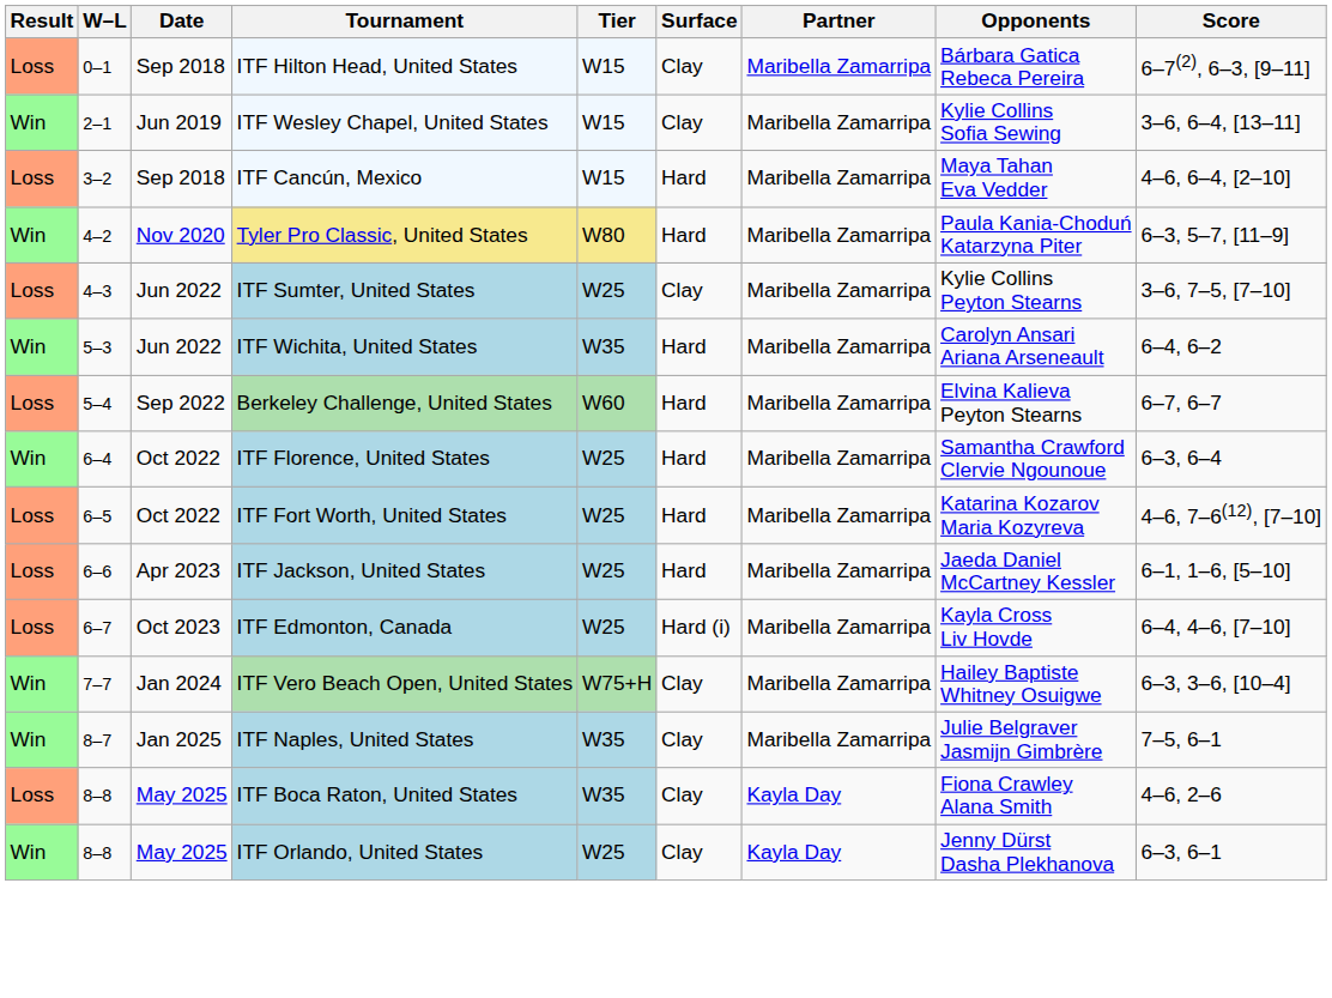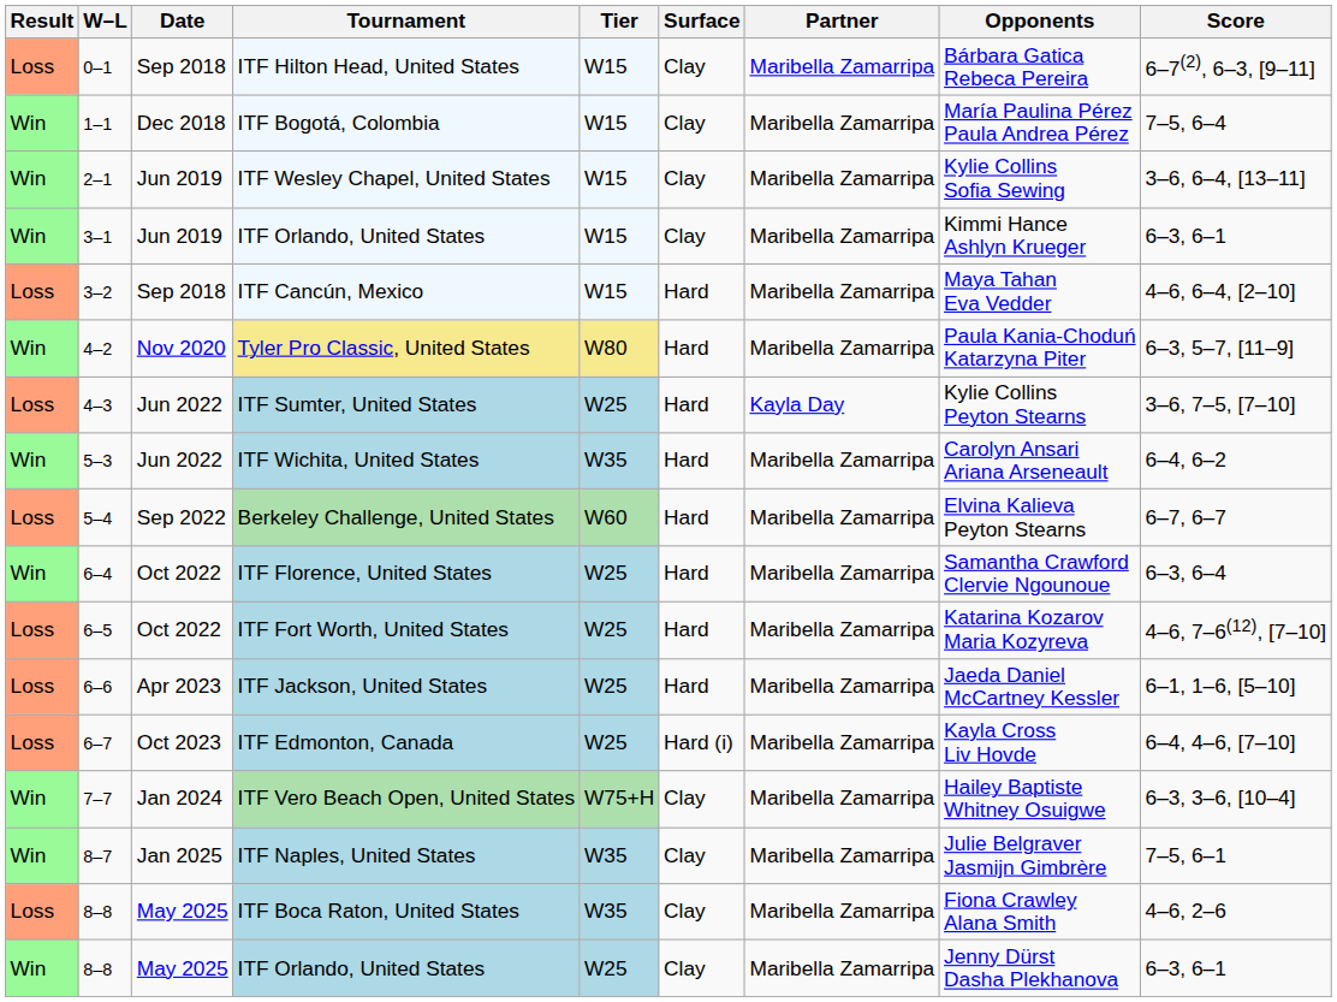 <table class="sortable wikitable">
 <tr>
 <th>Result</th>
 <th class="unsortable">W–L</th>
 <th>Date</th>
 <th>Tournament</th>
 <th>Tier</th>
 <th>Surface</th>
 <th>Partner</th>
 <th>Opponents</th>
 <th class="unsortable">Score</th>
 </tr>
 <tr>
 <td style="background:#ffa07a;">Loss</td>
 <td><small>0–1</small></td>
 <td>Sep 2018</td>
 <td style="background:#f0f8ff;">ITF Hilton Head, United States</td>
 <td style="background:#f0f8ff;">W15</td>
 <td>Clay</td>
 <td> <a href='#'>Maribella Zamarripa</a></td>
 <td> <a href='#'>Bárbara Gatica</a> <br>  <a href='#'>Rebeca Pereira</a></td>
 <td>6–7<sup>(2)</sup>, 6–3, [9–11]</td>
 </tr>
 <tr>
 <td style="background:#98fb98;">Win</td>
+<td><small>1–1</small></td>
+<td>Dec 2018</td>
+<td style="background:#f0f8ff;">ITF Bogotá, Colombia</td>
+<td style="background:#f0f8ff;f">W15</td>
+<td>Clay</td>
+<td> Maribella Zamarripa</td>
+<td> <a href='#'>María Paulina Pérez</a> <br>  <a href='#'>Paula Andrea Pérez</a></td>
+<td>7–5, 6–4</td>
+</tr>
+<tr>
+<td style="background:#98fb98;">Win</td>
 <td><small>2–1</small></td>
 <td>Jun 2019</td>
 <td style="background:#f0f8ff;">ITF Wesley Chapel, United States</td>
 <td style="background:#f0f8ff;">W15</td>
 <td>Clay</td>
 <td> Maribella Zamarripa</td>
 <td> <a href='#'>Kylie Collins</a> <br>  <a href='#'>Sofia Sewing</a></td>
 <td>3–6, 6–4, [13–11]</td>
+</tr>
+<tr>
+<td style="background:#98fb98;">Win</td>
+<td><small>3–1</small></td>
+<td>Jun 2019</td>
+<td style="background:#f0f8ff;">ITF Orlando, United States</td>
+<td style="background:#f0f8ff;">W15</td>
+<td>Clay</td>
+<td> Maribella Zamarripa</td>
+<td> Kimmi Hance <br>  <a href='#'>Ashlyn Krueger</a></td>
+<td>6–3, 6–1</td>
 </tr>
 <tr>
 <td style="background:#ffa07a;">Loss</td>
 <td><small>3–2</small></td>
 <td>Sep 2018</td>
 <td style="background:#f0f8ff;">ITF Cancún, Mexico</td>
 <td style="background:#f0f8ff;">W15</td>
 <td>Hard</td>
 <td> Maribella Zamarripa</td>
 <td> <a href='#'>Maya Tahan</a> <br>  <a href='#'>Eva Vedder</a></td>
 <td>4–6, 6–4, [2–10]</td>
 </tr>
 <tr>
 <td style="background:#98fb98;">Win</td>
 <td><small>4–2</small></td>
 <td><a href='#'>Nov 2020</a></td>
 <td style="background:#f7e98e;"><a href='#'>Tyler Pro Classic</a>, United States</td>
 <td style="background:#f7e98e;">W80</td>
 <td>Hard</td>
 <td> Maribella Zamarripa</td>
 <td> <a href='#'>Paula Kania-Choduń</a> <br>  <a href='#'>Katarzyna Piter</a></td>
 <td>6–3, 5–7, [11–9]</td>
 </tr>
 <tr>
 <td style="background:#ffa07a;">Loss</td>
 <td><small>4–3</small></td>
 <td>Jun 2022</td>
 <td style="background:lightblue;">ITF Sumter, United States</td>
 <td style="background:lightblue;">W25</td>
-<td>Clay</td>
-<td> Maribella Zamarripa</td>
+<td>Hard</td>
+<td> <a href='#'>Kayla Day</a></td>
 <td> Kylie Collins <br>  <a href='#'>Peyton Stearns</a></td>
 <td>3–6, 7–5, [7–10]</td>
 </tr>
 <tr>
 <td style="background:#98fb98;">Win</td>
 <td><small>5–3</small></td>
 <td>Jun 2022</td>
 <td style="background:lightblue;">ITF Wichita, United States</td>
 <td style="background:lightblue;">W35</td>
 <td>Hard</td>
 <td> Maribella Zamarripa</td>
 <td> <a href='#'>Carolyn Ansari</a> <br>  <a href='#'>Ariana Arseneault</a></td>
 <td>6–4, 6–2</td>
 </tr>
 <tr>
 <td style="background:#ffa07a;">Loss</td>
 <td><small>5–4</small></td>
 <td>Sep 2022</td>
 <td style="background:#addfad;">Berkeley Challenge, United States</td>
 <td style="background:#addfad;">W60</td>
 <td>Hard</td>
 <td> Maribella Zamarripa</td>
 <td> <a href='#'>Elvina Kalieva</a> <br>  Peyton Stearns</td>
 <td>6–7, 6–7</td>
 </tr>
 <tr>
 <td style="background:#98fb98;">Win</td>
 <td><small>6–4</small></td>
 <td>Oct 2022</td>
 <td style="background:lightblue;">ITF Florence, United States</td>
 <td style="background:lightblue;">W25</td>
 <td>Hard</td>
 <td> Maribella Zamarripa</td>
 <td> <a href='#'>Samantha Crawford</a> <br>  <a href='#'>Clervie Ngounoue</a></td>
 <td>6–3, 6–4</td>
 </tr>
 <tr>
 <td style="background:#ffa07a;">Loss</td>
 <td><small>6–5</small></td>
 <td>Oct 2022</td>
 <td style="background:lightblue;">ITF Fort Worth, United States</td>
 <td style="background:lightblue;">W25</td>
 <td>Hard</td>
 <td> Maribella Zamarripa</td>
 <td> <a href='#'>Katarina Kozarov</a> <br>  <a href='#'>Maria Kozyreva</a></td>
 <td>4–6, 7–6<sup>(12)</sup>, [7–10]</td>
 </tr>
 <tr>
 <td style="background:#ffa07a;">Loss</td>
 <td><small>6–6</small></td>
 <td>Apr 2023</td>
 <td style="background:lightblue;">ITF Jackson, United States</td>
 <td style="background:lightblue;">W25</td>
 <td>Hard</td>
 <td> Maribella Zamarripa</td>
 <td> <a href='#'>Jaeda Daniel</a> <br>  <a href='#'>McCartney Kessler</a></td>
 <td>6–1, 1–6, [5–10]</td>
 </tr>
 <tr>
 <td style="background:#ffa07a;">Loss</td>
 <td><small>6–7</small></td>
 <td>Oct 2023</td>
 <td style="background:lightblue;">ITF Edmonton, Canada</td>
 <td style="background:lightblue;">W25</td>
 <td>Hard (i)</td>
 <td> Maribella Zamarripa</td>
 <td> <a href='#'>Kayla Cross</a> <br>  <a href='#'>Liv Hovde</a></td>
 <td>6–4, 4–6, [7–10]</td>
 </tr>
 <tr>
 <td style="background:#98fb98;">Win</td>
 <td><small>7–7</small></td>
 <td>Jan 2024</td>
 <td style="background:#addfad;">ITF Vero Beach Open, United States</td>
 <td style="background:#addfad;">W75+H</td>
 <td>Clay</td>
 <td> Maribella Zamarripa</td>
 <td> <a href='#'>Hailey Baptiste</a> <br>  <a href='#'>Whitney Osuigwe</a></td>
 <td>6–3, 3–6, [10–4]</td>
 </tr>
 <tr>
 <td style="background:#98fb98;">Win</td>
 <td><small>8–7</small></td>
 <td>Jan 2025</td>
 <td style="background:lightblue;">ITF Naples, United States</td>
 <td style="background:lightblue;">W35</td>
 <td>Clay</td>
 <td> Maribella Zamarripa</td>
 <td> <a href='#'>Julie Belgraver</a> <br>  <a href='#'>Jasmijn Gimbrère</a></td>
 <td>7–5, 6–1</td>
 </tr>
 <tr>
 <td bgcolor="FFA07A">Loss</td>
 <td><small>8–8</small></td>
 <td><a href='#'>May 2025</a></td>
 <td style="background:lightblue;">ITF Boca Raton, United States</td>
 <td style="background:lightblue;">W35</td>
 <td>Clay</td>
-<td> <a href='#'>Kayla Day</a></td>
+<td> Maribella Zamarripa</td>
 <td> <a href='#'>Fiona Crawley</a> <br>  <a href='#'>Alana Smith</a></td>
 <td>4–6, 2–6</td>
 </tr>
 <tr>
 <td style="background:#98fb98;">Win</td>
 <td><small>8–8</small></td>
 <td><a href='#'>May 2025</a></td>
 <td style="background:lightblue;">ITF Orlando, United States</td>
 <td style="background:lightblue;">W25</td>
 <td>Clay</td>
-<td> <a href='#'>Kayla Day</a></td>
+<td> Maribella Zamarripa</td>
 <td> <a href='#'>Jenny Dürst</a> <br>  <a href='#'>Dasha Plekhanova</a></td>
 <td>6–3, 6–1</td>
 </tr>
 </table>
